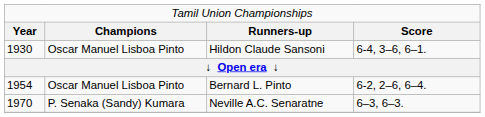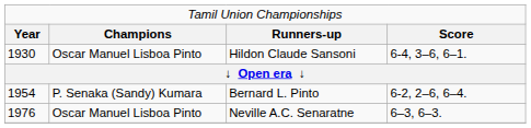 <table class="wikitable">
 <tr>
 <td colspan=4 align=center><em>Tamil Union Championships</em></td>
 </tr>
 <tr>
 <th style="width:50px">Year</th>
 <th style="width:220px">Champions</th>
 <th style="width:200px">Runners-up</th>
 <th style="width:170px" class="unsortable">Score</th>
 </tr>
 <tr>
 <td>1930</td>
 <td> Oscar Manuel Lisboa Pinto</td>
 <td> Hildon Claude Sansoni</td>
 <td>6-4, 3–6, 6–1.</td>
 </tr>
 <tr>
 <th colspan=4 align=center>↓  <a href='#'>Open era</a>  ↓</th>
 </tr>
 <tr>
 <td>1954</td>
-<td> Oscar Manuel Lisboa Pinto</td>
+<td> P. Senaka (Sandy) Kumara</td>
 <td> Bernard L. Pinto</td>
 <td>6-2, 2–6, 6–4.</td>
 </tr>
 <tr>
-<td>1970</td>
-<td> P. Senaka (Sandy) Kumara</td>
+<td>1976</td>
+<td> Oscar Manuel Lisboa Pinto</td>
 <td> Neville A.C. Senaratne</td>
 <td>6–3, 6–3.</td>
 </tr>
 <tr>
 </tr>
 </table>
